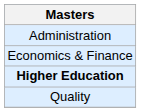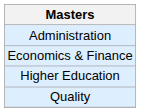 <table class="wikitable" style="background:#DDEEFF;">
 <tr>
 <th align="center">Masters</th>
 </tr>
 <tr>
 <td align="center">Administration</td>
 </tr>
 <tr>
 <td align="center">Economics & Finance</td>
 </tr>
 <tr>
-<td align="center"><strong>Higher Education</strong></td>
+<td align="center">Higher Education</td>
 </tr>
 <tr>
 <td align="center">Quality</td>
 </tr>
 <tr>
 </tr>
 </table>
